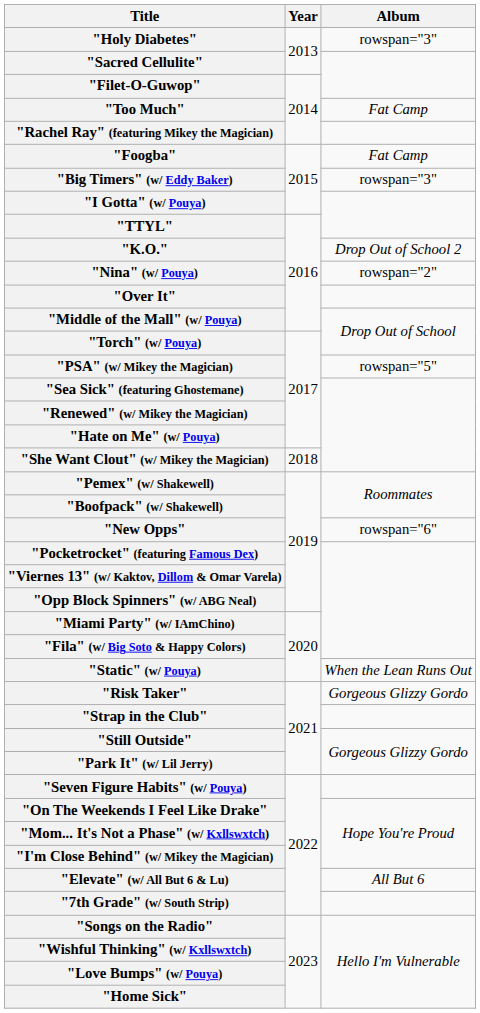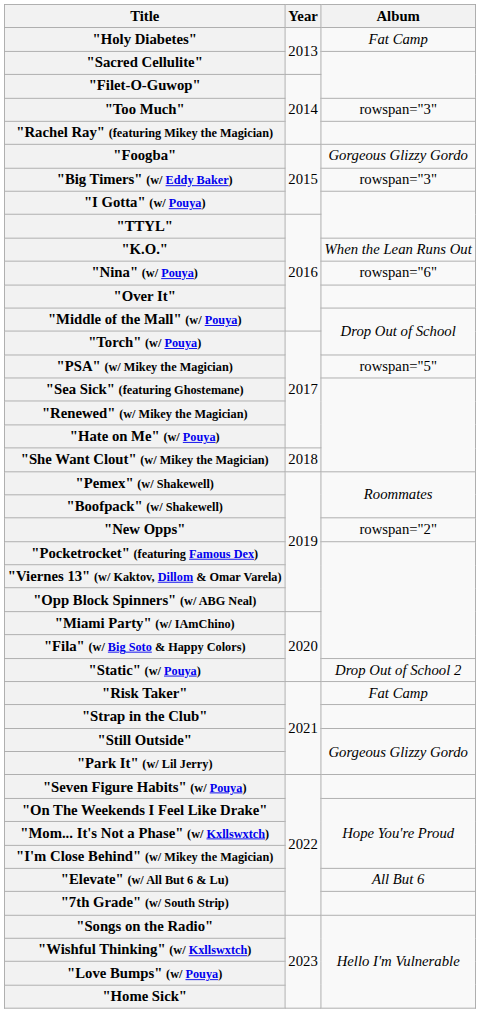 <table class="wikitable plainrowheaders" style="text-align:center;">
 <tr>
 <th scope="col">Title</th>
 <th scope="col">Year</th>
 <th scope="col">Album</th>
 </tr>
 <tr>
 <th scope="row">"Holy Diabetes"</th>
 <td rowspan="2">2013</td>
-<td>rowspan="3"</td>
+<td><em>Fat Camp</em></td>
 </tr>
 <tr>
 <th scope="row">"Sacred Cellulite"</th>
 </tr>
 <tr>
 <th scope="row">"Filet-O-Guwop"</th>
 <td rowspan="3">2014</td>
 </tr>
 <tr>
 <th scope="row">"Too Much"</th>
-<td><em>Fat Camp</em></td>
+<td>rowspan="3"</td>
 </tr>
 <tr>
 <th scope="row">"Rachel Ray" <small>(featuring Mikey the Magician)</small></th>
 <td></td>
 </tr>
 <tr>
 <th scope="row">"Foogba"</th>
 <td rowspan="3">2015</td>
-<td><em>Fat Camp</em></td>
+<td><em>Gorgeous Glizzy Gordo</em></td>
 </tr>
 <tr>
 <th scope="row">"Big Timers" <small>(w/ <a href='#'>Eddy Baker</a>)</small></th>
 <td>rowspan="3"</td>
 </tr>
 <tr>
 <th scope="row">"I Gotta" <small>(w/ <a href='#'>Pouya</a>)</small></th>
 </tr>
 <tr>
 <th scope="row">"TTYL"</th>
 <td rowspan="5">2016</td>
 </tr>
 <tr>
 <th scope="row">"K.O."</th>
-<td><em>Drop Out of School 2</em></td>
+<td><em>When the Lean Runs Out</em></td>
 </tr>
 <tr>
 <th scope="row">"Nina" <small>(w/ <a href='#'>Pouya</a>)</small></th>
-<td>rowspan="2"</td>
+<td>rowspan="6"</td>
 </tr>
 <tr>
 <th scope="row">"Over It"</th>
 </tr>
 <tr>
 <th scope="row">"Middle of the Mall" <small>(w/ <a href='#'>Pouya</a>)</small></th>
 <td rowspan="2"><em>Drop Out of School</em></td>
 </tr>
 <tr>
 <th scope="row">"Torch" <small>(w/ <a href='#'>Pouya</a>)</small></th>
 <td rowspan="5">2017</td>
 </tr>
 <tr>
 <th scope="row">"PSA" <small>(w/ Mikey the Magician)</small></th>
 <td>rowspan="5"</td>
 </tr>
 <tr>
 <th scope="row">"Sea Sick" <small>(featuring Ghostemane)</small></th>
 </tr>
 <tr>
 <th scope="row">"Renewed" <small>(w/ Mikey the Magician)</small></th>
 </tr>
 <tr>
 <th scope="row">"Hate on Me" <small>(w/ <a href='#'>Pouya</a>)</small></th>
 </tr>
 <tr>
 <th scope="row">"She Want Clout" <small>(w/ Mikey the Magician)</small></th>
 <td>2018</td>
 </tr>
 <tr>
 <th scope="row">"Pemex" <small>(w/ Shakewell)</small></th>
 <td rowspan="6">2019</td>
 <td rowspan="2"><em>Roommates</em></td>
 </tr>
 <tr>
 <th scope="row">"Boofpack" <small>(w/ Shakewell)</small></th>
 </tr>
 <tr>
 <th scope="row">"New Opps"</th>
-<td>rowspan="6"</td>
+<td>rowspan="2"</td>
 </tr>
 <tr>
 <th scope="row">"Pocketrocket" <small>(featuring <a href='#'>Famous Dex</a>)</small></th>
 </tr>
 <tr>
 <th scope="row">"Viernes 13" <small>(w/ Kaktov, <a href='#'>Dillom</a> & Omar Varela)</small></th>
 </tr>
 <tr>
 <th scope="row">"Opp Block Spinners" <small>(w/ ABG Neal)</small></th>
 </tr>
 <tr>
 <th scope="row">"Miami Party" <small>(w/ IAmChino)</small></th>
 <td rowspan="3">2020</td>
 </tr>
 <tr>
 <th scope="row">"Fila" <small>(w/ <a href='#'>Big Soto</a> & Happy Colors)</small></th>
 </tr>
 <tr>
 <th scope="row">"Static" <small>(w/ <a href='#'>Pouya</a>)</small></th>
-<td><em>When the Lean Runs Out</em></td>
+<td><em>Drop Out of School 2</em></td>
 </tr>
 <tr>
 <th scope="row">"Risk Taker"</th>
 <td rowspan="4">2021</td>
-<td><em>Gorgeous Glizzy Gordo</em></td>
+<td><em>Fat Camp</em></td>
 </tr>
 <tr>
 <th scope="row">"Strap in the Club"</th>
 <td></td>
 </tr>
 <tr>
 <th scope="row">"Still Outside"</th>
 <td rowspan="2"><em>Gorgeous Glizzy Gordo</em></td>
 </tr>
 <tr>
 <th scope="row">"Park It" <small>(w/ Lil Jerry)</small></th>
 </tr>
 <tr>
 <th scope="row">"Seven Figure Habits" <small>(w/ <a href='#'>Pouya</a>)</small></th>
 <td rowspan="6">2022</td>
 <td></td>
 </tr>
 <tr>
 <th scope="row">"On The Weekends I Feel Like Drake"</th>
 <td rowspan="3"><em>Hope You're Proud</em></td>
 </tr>
 <tr>
 <th scope="row">"Mom... It's Not a Phase" <small>(w/ <a href='#'>Kxllswxtch</a>)</small></th>
 </tr>
 <tr>
 <th scope="row">"I'm Close Behind" <small>(w/ Mikey the Magician)</small></th>
 </tr>
 <tr>
 <th scope="row">"Elevate" <small>(w/ All But 6 & Lu)</small></th>
 <td><em>All But 6</em></td>
 </tr>
 <tr>
 <th scope="row">"7th Grade" <small>(w/ South Strip)</small></th>
 <td></td>
 </tr>
 <tr>
 <th scope="row">"Songs on the Radio"</th>
 <td rowspan="4">2023</td>
 <td rowspan="4"><em>Hello I'm Vulnerable</em></td>
 </tr>
 <tr>
 <th scope="row">"Wishful Thinking" <small>(w/ <a href='#'>Kxllswxtch</a>)</small></th>
 </tr>
 <tr>
 <th scope="row">"Love Bumps" <small>(w/ <a href='#'>Pouya</a>)</small></th>
 </tr>
 <tr>
 <th scope="row">"Home Sick"</th>
 </tr>
 </table>
